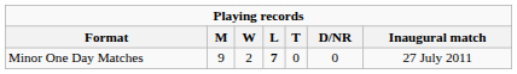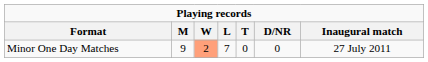 <table class="wikitable" style="text-align: center; width: 600px">
 <tr>
 <td colspan="8" align="center"><strong>Playing records</strong></td>
 </tr>
 <tr>
 <th>Format</th>
 <th>M</th>
 <th>W</th>
 <th>L</th>
 <th>T</th>
 <th>D/NR</th>
 <th>Inaugural match</th>
 </tr>
 <tr>
 <td align="left">Minor One Day Matches</td>
 <td>9</td>
-<td>2</td>
-<td><strong>7</strong></td>
+<td style="background: lightsalmon;">2</td>
+<td>7</td>
 <td>0</td>
 <td>0</td>
 <td>27 July 2011</td>
 </tr>
 </table>
